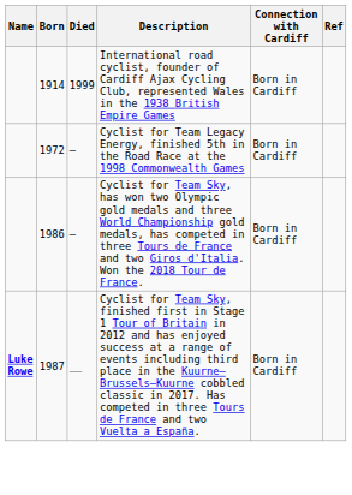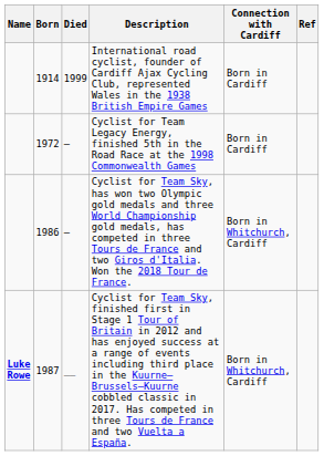 <table class="sortable wikitable" style="text-align: left; width: 68%;">
 <tr>
 <th scope="col">Name</th>
 <th scope="col">Born</th>
 <th scope="col">Died</th>
 <th scope="col">Description</th>
 <th scope="col">Connection with Cardiff</th>
 <th scope="col"><abbr>Ref</abbr></th>
 </tr>
 <tr>
 <td></td>
 <td>1914</td>
 <td>1999</td>
 <td>International road cyclist, founder of Cardiff Ajax Cycling Club, represented Wales in the <a href='#'>1938 British Empire Games</a></td>
 <td>Born in Cardiff</td>
 <td></td>
 </tr>
 <tr>
 <td></td>
 <td>1972</td>
 <td>—</td>
 <td>Cyclist for Team Legacy Energy, finished 5th in the Road Race at the <a href='#'>1998 Commonwealth Games</a></td>
 <td>Born in Cardiff</td>
 <td></td>
 </tr>
 <tr>
 <td></td>
 <td>1986</td>
 <td>—</td>
 <td>Cyclist for <a href='#'>Team Sky</a>, has won two Olympic gold medals and three <a href='#'>World Championship</a> gold medals, has competed in three <a href='#'>Tours de France</a> and two <a href='#'>Giros d'Italia</a>. Won the <a href='#'>2018 Tour de France</a>.</td>
-<td>Born in Cardiff</td>
+<td>Born in <a href='#'>Whitchurch</a>, Cardiff</td>
 <td></td>
 </tr>
 <tr>
 <td><strong><a href='#'>Luke Rowe</a></strong></td>
 <td>1987</td>
 <td>__</td>
 <td>Cyclist for <a href='#'>Team Sky</a>, finished first in Stage 1 <a href='#'>Tour of Britain</a> in 2012 and has enjoyed success at a range of events including third place in the <a href='#'>Kuurne–Brussels–Kuurne</a> cobbled classic in 2017. Has competed in three <a href='#'>Tours de France</a> and two <a href='#'>Vuelta a España</a>.</td>
-<td>Born in Cardiff</td>
+<td>Born in <a href='#'>Whitchurch</a>, Cardiff</td>
 <td></td>
 </tr>
 </table>
